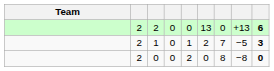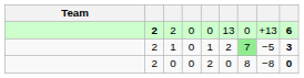 <table class=wikitable style="text-align:center">
 <tr>
 <th width=200>Team</th>
 <th width=20></th>
 <th width=20></th>
 <th width=20></th>
 <th width=20></th>
 <th width=20></th>
 <th width=20></th>
 <th width=20></th>
 <th width=20></th>
 </tr>
 <tr bgcolor=#ccffcc>
 <td align=left></td>
-<td>2</td>
+<td><strong>2</strong></td>
 <td>2</td>
 <td>0</td>
 <td>0</td>
 <td>13</td>
 <td>0</td>
 <td>+13</td>
 <td><strong>6</strong></td>
 </tr>
 <tr>
 <td align=left></td>
 <td>2</td>
 <td>1</td>
 <td>0</td>
 <td>1</td>
 <td>2</td>
-<td>7</td>
+<td style="background: lightgreen;">7</td>
 <td>−5</td>
 <td><strong>3</strong></td>
 </tr>
 <tr>
 <td align=left></td>
 <td>2</td>
 <td>0</td>
 <td>0</td>
 <td>2</td>
 <td>0</td>
 <td>8</td>
 <td>−8</td>
 <td><strong>0</strong></td>
 </tr>
 </table>
